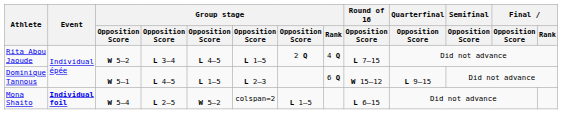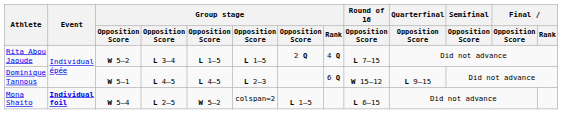 <table class=wikitable style="font-size:90%">
 <tr>
 <th rowspan=2>Athlete</th>
 <th rowspan=2>Event</th>
 <th colspan=6>Group stage</th>
 <th>Round of 16</th>
 <th>Quarterfinal</th>
 <th>Semifinal</th>
 <th colspan=2>Final / </th>
 </tr>
 <tr style="font-size:95%">
 <th>Opposition<br>Score</th>
 <th>Opposition<br>Score</th>
 <th>Opposition<br>Score</th>
 <th>Opposition<br>Score</th>
 <th>Opposition<br>Score</th>
 <th>Rank</th>
 <th>Opposition<br>Score</th>
 <th>Opposition<br>Score</th>
 <th>Opposition<br>Score</th>
 <th>Opposition<br>Score</th>
 <th>Rank</th>
 </tr>
 <tr align=center>
 <td align=left><a href='#'>Rita Abou Jaoude</a></td>
 <td align=left rowspan=2><a href='#'>Individual épée</a></td>
 <td><br><strong>W</strong> 5–2</td>
 <td><br><strong>L</strong> 3–4</td>
-<td><br><strong>L</strong> 4–5</td>
+<td><br><strong>L</strong> 1–5</td>
 <td><br><strong>L</strong> 1–5</td>
 <td>2 <strong>Q</strong></td>
 <td>4 <strong>Q</strong></td>
 <td><br><strong>L</strong> 7–15</td>
 <td colspan=4>Did not advance</td>
 </tr>
 <tr align=center>
 <td align=left><a href='#'>Dominique Tannous</a></td>
 <td><br><strong>W</strong> 5–1</td>
 <td><br><strong>L</strong> 4–5</td>
-<td><br><strong>L</strong> 1–5</td>
+<td><br><strong>L</strong> 4–5</td>
 <td><br><strong>L</strong> 2–3</td>
 <td></td>
 <td>6 <strong>Q</strong></td>
 <td><br><strong>W</strong> 15–12</td>
 <td><br><strong>L</strong> 9–15</td>
 <td colspan=3>Did not advance</td>
 </tr>
 <tr align=center>
 <td align=left><a href='#'>Mona Shaito</a></td>
 <td align=left><strong><a href='#'>Individual foil</a></strong></td>
 <td><br><strong>W</strong> 5–4</td>
 <td><br><strong>L</strong> 2–5</td>
 <td><br><strong>W</strong> 5–2</td>
 <td>colspan=2 </td>
 <td><br><strong>L</strong> 1–5</td>
 <td></td>
 <td><br><strong>L</strong> 6–15</td>
 <td colspan=3>Did not advance</td>
 </tr>
 </table>
